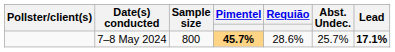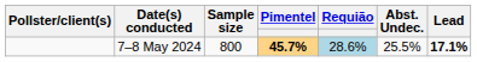 <table class="wikitable" style="text-align:center;font-size:90%;line-height:14px;">
 <tr>
 <th rowspan="2">Pollster/client(s)</th>
 <th rowspan="2">Date(s)<br>conducted</th>
 <th rowspan="2">Sample<br>size</th>
 <th class="unsortable" style="width:50px;"><a href='#'>Pimentel</a><br></th>
 <th class="unsortable" style="width:50px;"><a href='#'>Requião</a><br></th>
 <th rowspan="2">Abst.<br>Undec.</th>
 <th rowspan="2">Lead</th>
 </tr>
 <tr>
 <th data-sort-type="number" class="sortable" style="background:"></th>
 <th data-sort-type="number" class="sortable" style="background:"></th>
 </tr>
 <tr>
 <td></td>
 <td>7–8 May 2024</td>
 <td>800</td>
 <td style="background:#ffd485;"><strong>45.7%</strong></td>
-<td>28.6%</td>
-<td>25.7%</td>
+<td style="background: lightblue;">28.6%</td>
+<td>25.5%</td>
 <td style="background:"><strong>17.1%</strong></td>
 </tr>
 </table>
